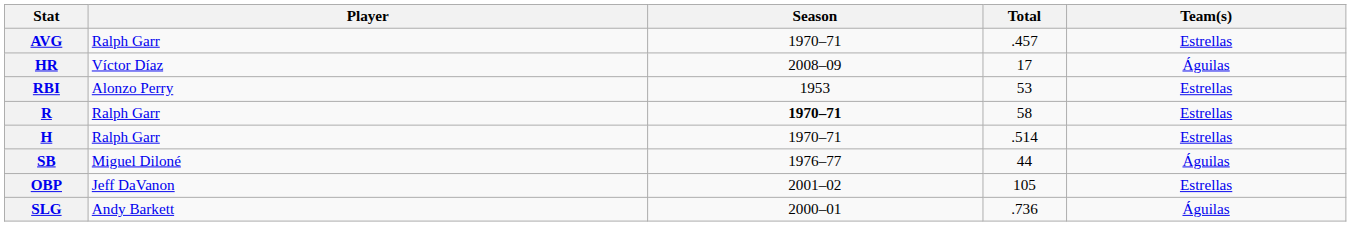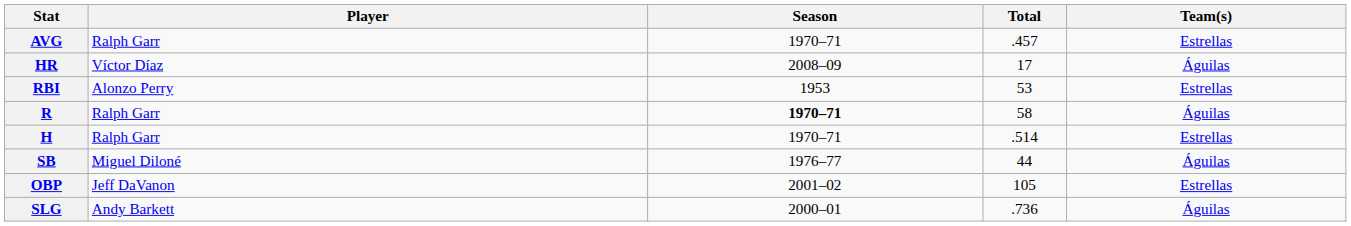 <table class="wikitable" style="text-align:center;">
 <tr>
 <th scope="col" width="3%">Stat</th>
 <th scope="col" width="20%">Player</th>
 <th scope="col" width="12%">Season</th>
 <th scope="col" width="3%">Total</th>
 <th scope="col" width="10%">Team(s)</th>
 </tr>
 <tr>
 <th scope="row" style="text-align:center;"><a href='#'>AVG</a></th>
 <td style="text-align:left;"> <a href='#'>Ralph Garr</a></td>
 <td>1970–71</td>
 <td>.457</td>
 <td><a href='#'>Estrellas</a></td>
 </tr>
 <tr>
 <th scope="row" style="text-align:center;"><a href='#'>HR</a></th>
 <td style="text-align:left;"> <a href='#'>Víctor Díaz</a></td>
 <td>2008–09</td>
 <td>17</td>
 <td><a href='#'>Águilas</a></td>
 </tr>
 <tr>
 <th scope="row" style="text-align:center;"><a href='#'>RBI</a></th>
 <td style="text-align:left;"> <a href='#'>Alonzo Perry</a></td>
 <td>1953</td>
 <td>53</td>
 <td><a href='#'>Estrellas</a></td>
 </tr>
 <tr>
 <th scope="row" style="text-align:center;"><a href='#'>R</a></th>
 <td style="text-align:left;"> <a href='#'>Ralph Garr</a></td>
 <td><strong>1970–71</strong></td>
 <td>58</td>
-<td><a href='#'>Estrellas</a></td>
+<td><a href='#'>Águilas</a></td>
 </tr>
 <tr>
 <th scope="row" style="text-align:center;"><a href='#'>H</a></th>
 <td style="text-align:left;"> <a href='#'>Ralph Garr</a></td>
 <td>1970–71</td>
 <td>.514</td>
 <td><a href='#'>Estrellas</a></td>
 </tr>
 <tr>
 <th scope="row" style="text-align:center;"><a href='#'>SB</a></th>
 <td style="text-align:left;"> <a href='#'>Miguel Diloné</a></td>
 <td>1976–77</td>
 <td>44</td>
 <td><a href='#'>Águilas</a></td>
 </tr>
 <tr>
 <th scope="row" style="text-align:center;"><a href='#'>OBP</a></th>
 <td style="text-align:left;"> <a href='#'>Jeff DaVanon</a></td>
 <td>2001–02</td>
 <td>105</td>
 <td><a href='#'>Estrellas</a></td>
 </tr>
 <tr>
 <th scope="row" style="text-align:center;"><a href='#'>SLG</a></th>
 <td style="text-align:left;"> <a href='#'>Andy Barkett</a></td>
 <td>2000–01</td>
 <td>.736</td>
 <td><a href='#'>Águilas</a></td>
 </tr>
 </table>
